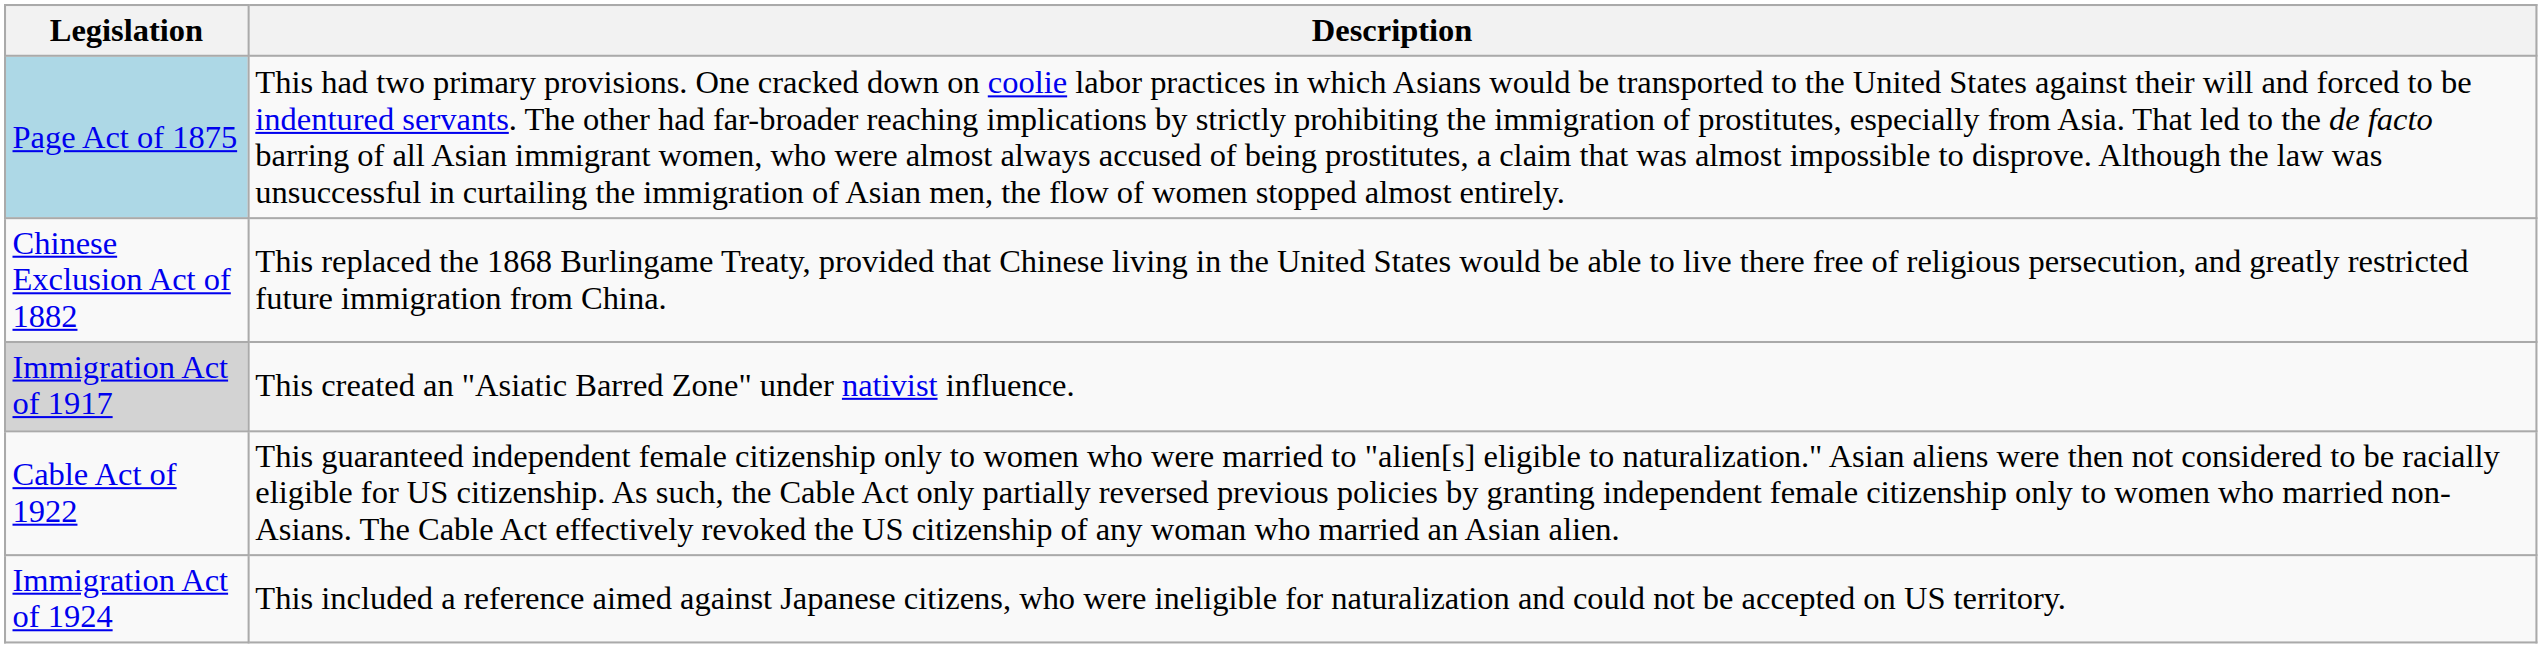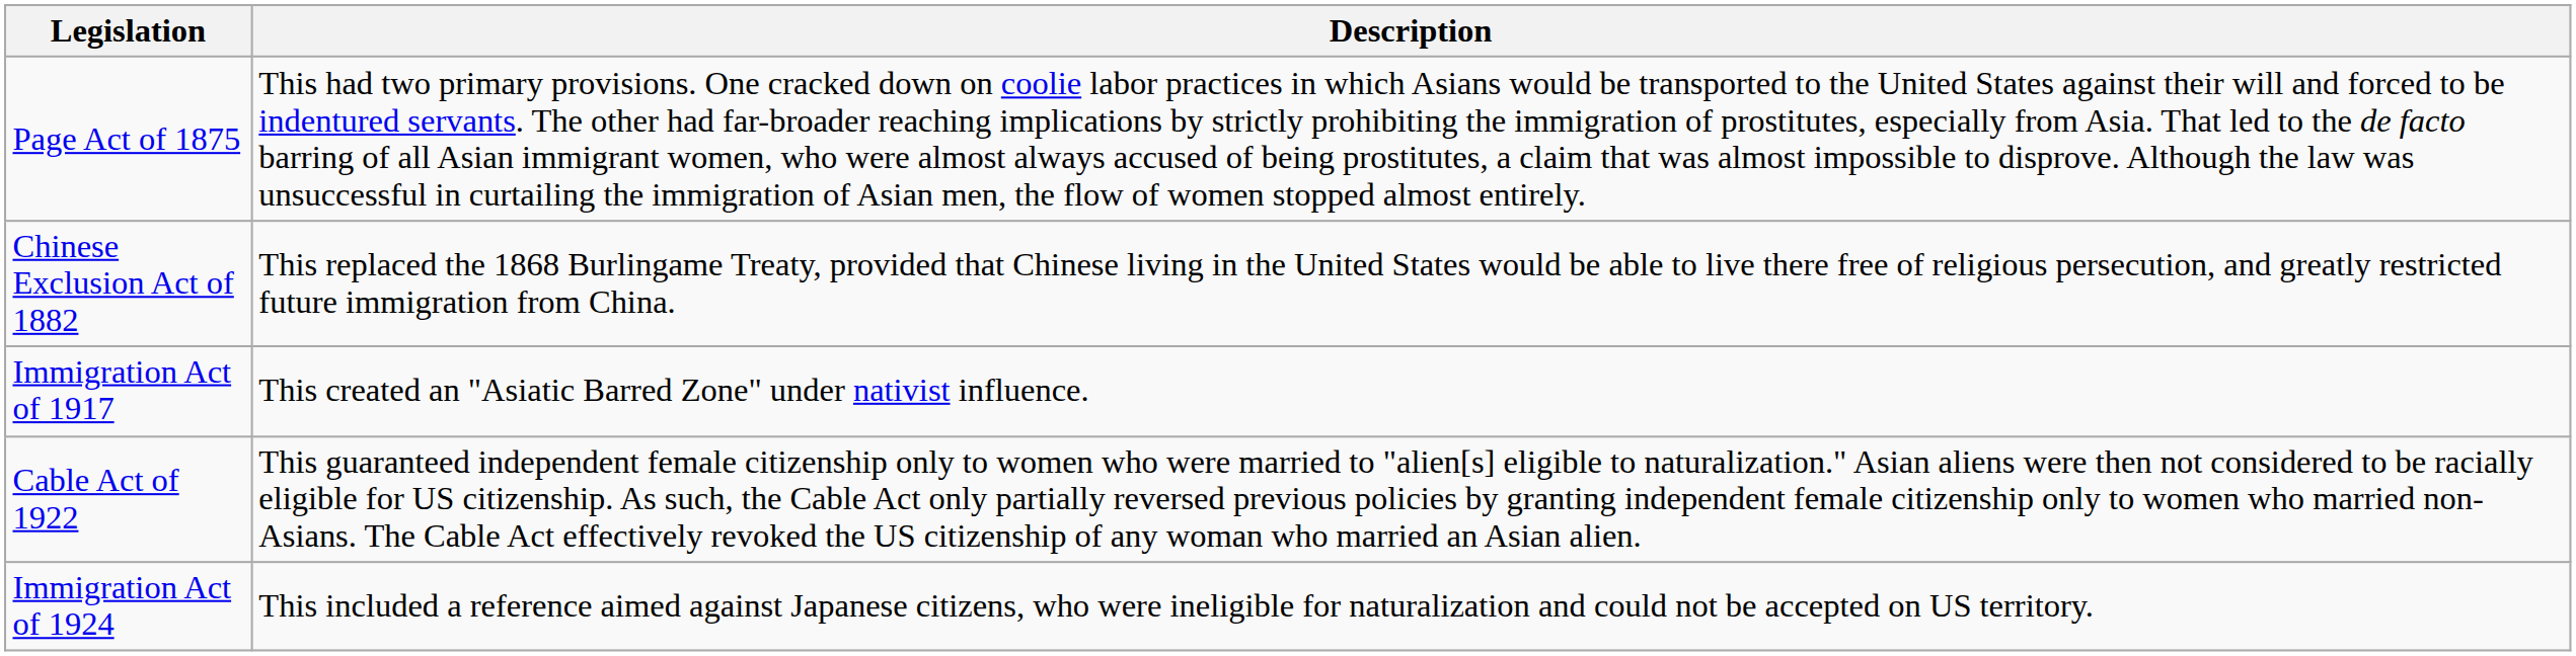 <table class="wikitable">
 <tr>
 <th>Legislation</th>
 <th>Description</th>
 </tr>
 <tr>
-<td style="background: lightblue;"><a href='#'>Page Act of 1875</a></td>
+<td><a href='#'>Page Act of 1875</a></td>
 <td>This had two primary provisions. One cracked down on <a href='#'>coolie</a> labor practices in which Asians would be transported to the United States against their will and forced to be <a href='#'>indentured servants</a>. The other had far-broader reaching implications by strictly prohibiting the immigration of prostitutes, especially from Asia. That led to the <em>de facto</em> barring of all Asian immigrant women, who were almost always accused of being prostitutes, a claim that was almost impossible to disprove. Although the law was unsuccessful in curtailing the immigration of Asian men, the flow of women stopped almost entirely.</td>
 </tr>
 <tr>
 <td><a href='#'>Chinese Exclusion Act of 1882</a></td>
 <td>This replaced the 1868 Burlingame Treaty, provided that Chinese living in the United States would be able to live there free of religious persecution, and greatly restricted future immigration from China.</td>
 </tr>
 <tr>
-<td style="background: lightgrey;"><a href='#'>Immigration Act of 1917</a></td>
+<td><a href='#'>Immigration Act of 1917</a></td>
 <td>This created an "Asiatic Barred Zone" under <a href='#'>nativist</a> influence.</td>
 </tr>
 <tr>
 <td><a href='#'>Cable Act of 1922</a></td>
 <td>This guaranteed independent female citizenship only to women who were married to "alien[s] eligible to naturalization."  Asian aliens were then not considered to be racially eligible for US citizenship.   As such, the Cable Act only partially reversed previous policies by granting independent female citizenship only to women who married non-Asians. The Cable Act effectively revoked the US citizenship of any woman who married an Asian alien.</td>
 </tr>
 <tr>
 <td><a href='#'>Immigration Act of 1924</a></td>
 <td>This included a reference aimed against Japanese citizens, who were ineligible for naturalization and could not be accepted on US territory.</td>
 </tr>
 </table>
